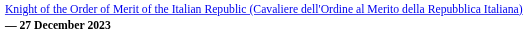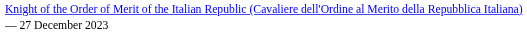 <table>
 <tr>
 <td rowspan=2 style="width:60px; vertical-align:top;"></td>
 <td><a href='#'>Knight of the Order of Merit of the Italian Republic (Cavaliere dell'Ordine al Merito della Repubblica Italiana)</a></td>
 </tr>
 <tr>
-<td><strong>— 27 December 2023</strong></td>
+<td>— 27 December 2023</td>
 </tr>
 </table>
